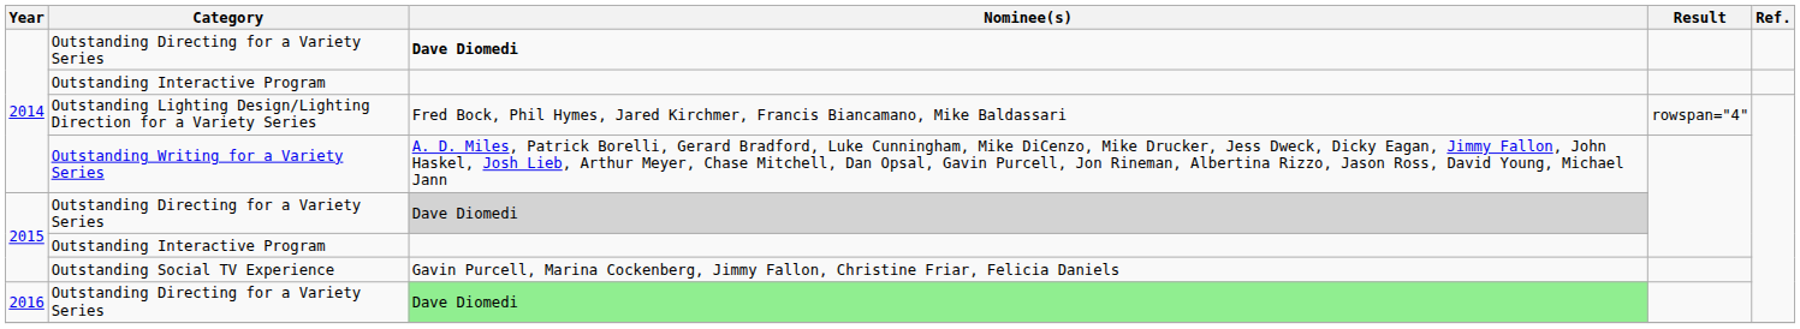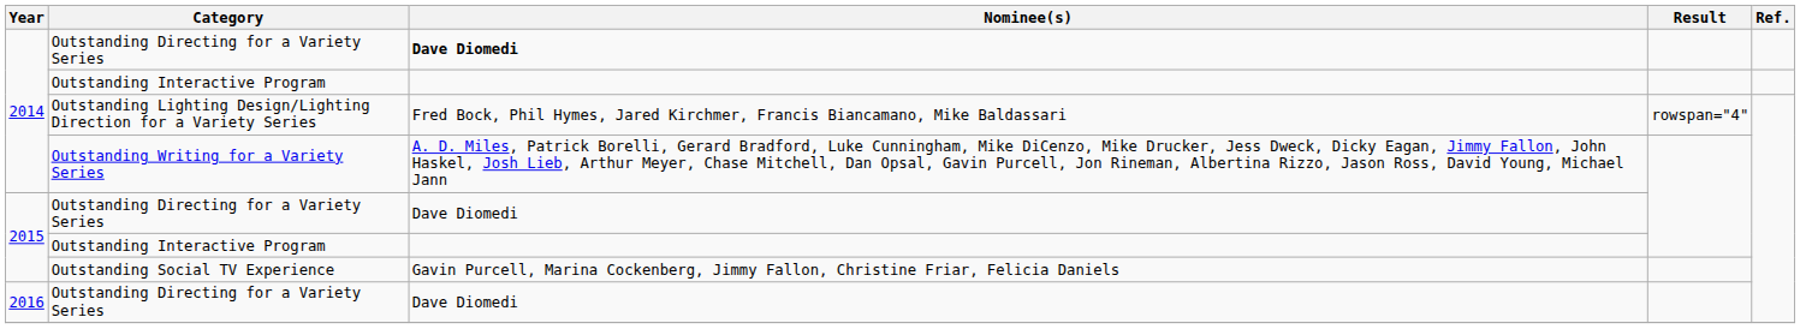 <table class="wikitable plainrowheaders" width=100%>
 <tr>
 <th>Year</th>
 <th>Category</th>
 <th>Nominee(s)</th>
 <th>Result</th>
 <th>Ref.</th>
 </tr>
 <tr>
 <td rowspan=4><a href='#'>2014</a></td>
 <td>Outstanding Directing for a Variety Series</td>
 <td><strong>Dave Diomedi</strong></td>
 <td></td>
 <td></td>
 </tr>
 <tr>
 <td>Outstanding Interactive Program</td>
 <td></td>
 <td></td>
 <td></td>
 </tr>
 <tr>
 <td>Outstanding Lighting Design/Lighting Direction for a Variety Series</td>
 <td>Fred Bock, Phil Hymes, Jared Kirchmer, Francis Biancamano, Mike Baldassari</td>
 <td>rowspan="4" </td>
 <td rowspan="6" style="text-align:center;"></td>
 </tr>
 <tr>
 <td><a href='#'>Outstanding Writing for a Variety Series</a></td>
 <td><a href='#'>A. D. Miles</a>, Patrick Borelli, Gerard Bradford, Luke Cunningham, Mike DiCenzo, Mike Drucker, Jess Dweck, Dicky Eagan, <a href='#'>Jimmy Fallon</a>, John Haskel, <a href='#'>Josh Lieb</a>, Arthur Meyer, Chase Mitchell, Dan Opsal, Gavin Purcell, Jon Rineman, Albertina Rizzo, Jason Ross, David Young, Michael Jann</td>
 </tr>
 <tr>
 <td rowspan=3><a href='#'>2015</a></td>
 <td>Outstanding Directing for a Variety Series</td>
-<td style="background: lightgrey;">Dave Diomedi</td>
+<td>Dave Diomedi</td>
 </tr>
 <tr>
 <td>Outstanding Interactive Program</td>
 <td></td>
 </tr>
 <tr>
 <td>Outstanding Social TV Experience</td>
 <td>Gavin Purcell, Marina Cockenberg, Jimmy Fallon, Christine Friar, Felicia Daniels</td>
 <td></td>
 </tr>
 <tr>
 <td><a href='#'>2016</a></td>
 <td>Outstanding Directing for a Variety Series</td>
-<td style="background: lightgreen;">Dave Diomedi</td>
+<td>Dave Diomedi</td>
 <td></td>
 </tr>
 <tr>
 </tr>
 </table>
